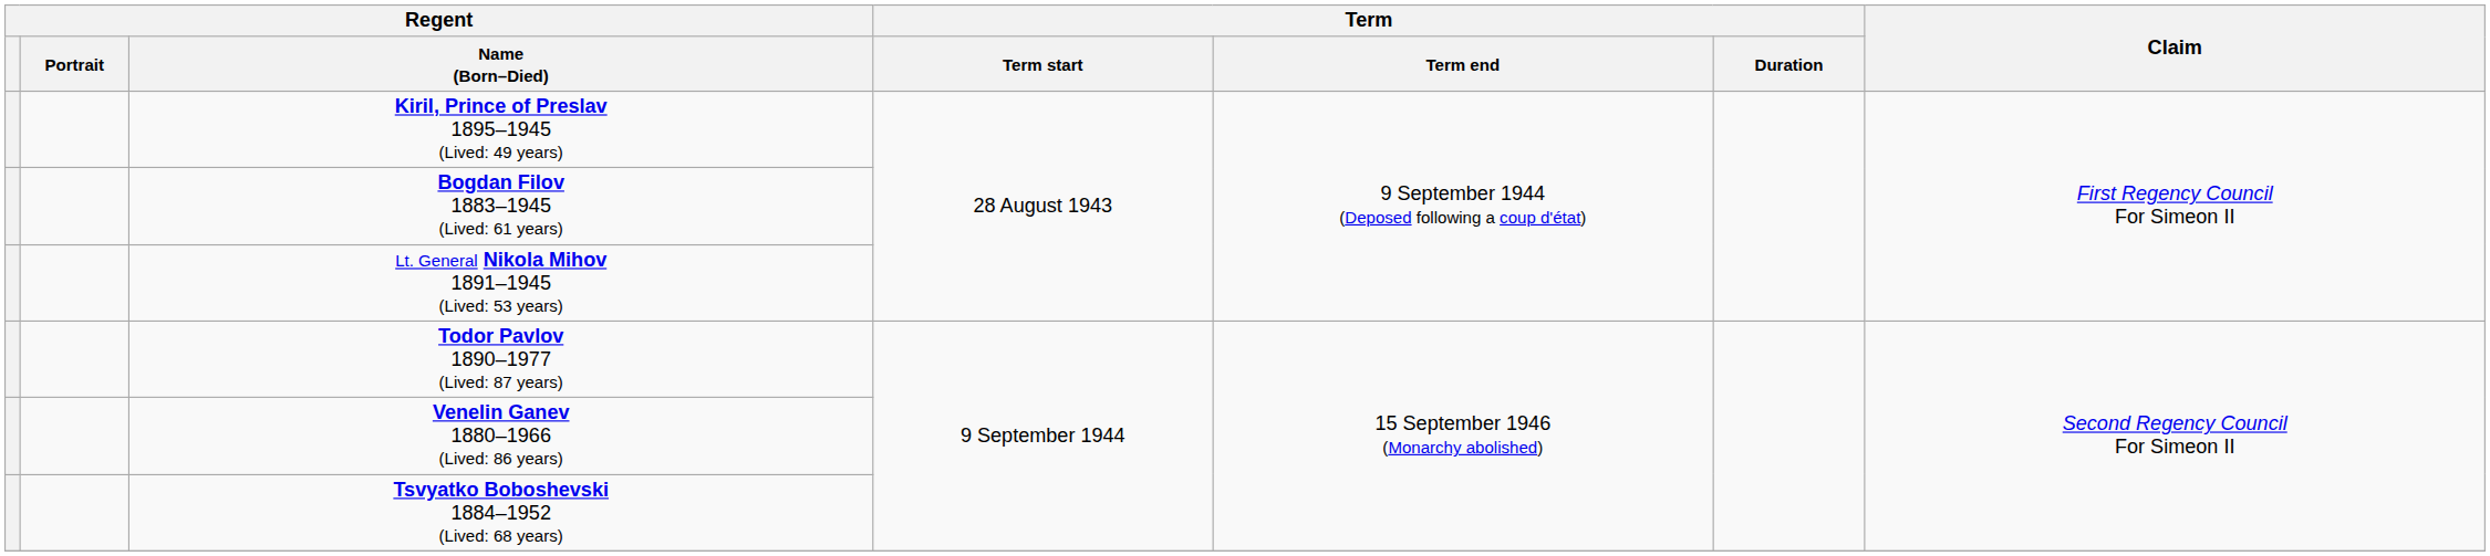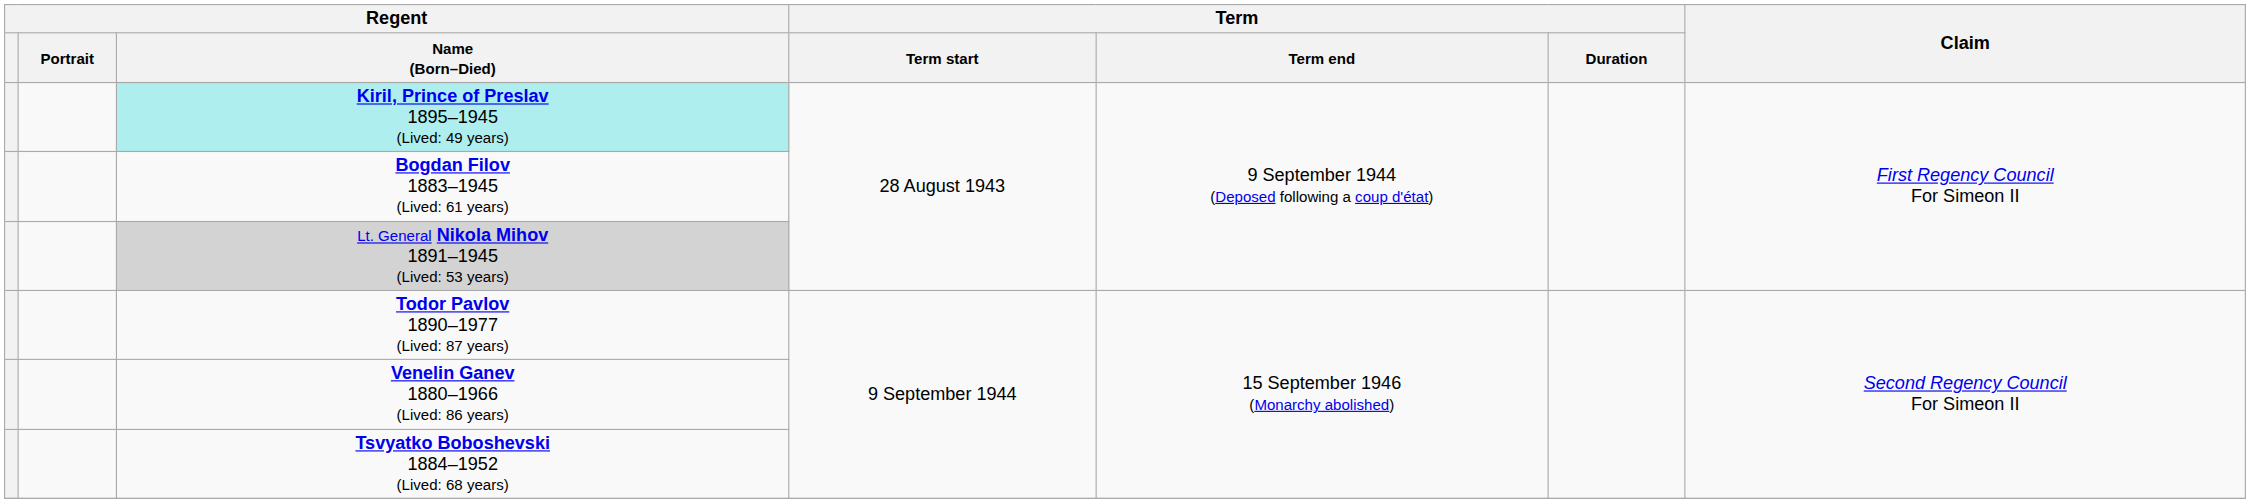 <table class="wikitable" style="text-align:center; width:100%">
 <tr>
 <th width=35% colspan=3>Regent</th>
 <th width=40% colspan=3>Term</th>
 <th width=25% rowspan=2>Claim</th>
 </tr>
 <tr>
 <th></th>
 <th><small>Portrait</small></th>
 <th width=30%><small>Name<br>(Born–Died)</small></th>
 <th><small>Term start</small></th>
 <th><small>Term end</small></th>
 <th><small>Duration</small></th>
 </tr>
 <tr>
 <th></th>
 <td></td>
-<td><strong><a href='#'>Kiril, Prince of Preslav</a></strong><br>1895–1945<br><small>(Lived: 49 years)</small><br></td>
+<td style="background: paleturquoise;"><strong><a href='#'>Kiril, Prince of Preslav</a></strong><br>1895–1945<br><small>(Lived: 49 years)</small><br></td>
 <td rowspan=3>28 August 1943</td>
 <td rowspan=3>9 September 1944<br><small>(<a href='#'>Deposed</a> following a <a href='#'>coup d'état</a>)</small></td>
 <td rowspan=3></td>
 <td rowspan=3><em><a href='#'>First Regency Council</a></em><br>For Simeon II</td>
 </tr>
 <tr>
 <th></th>
 <td></td>
 <td><strong><a href='#'>Bogdan Filov</a></strong><br>1883–1945<br><small>(Lived: 61 years)</small><br></td>
 </tr>
 <tr>
 <th></th>
 <td></td>
-<td><small><a href='#'>Lt. General</a></small> <strong><a href='#'>Nikola Mihov</a></strong><br>1891–1945<br><small>(Lived: 53 years)</small><br></td>
+<td style="background: lightgrey;"><small><a href='#'>Lt. General</a></small> <strong><a href='#'>Nikola Mihov</a></strong><br>1891–1945<br><small>(Lived: 53 years)</small><br></td>
 </tr>
 <tr>
 <th></th>
 <td></td>
 <td><strong><a href='#'>Todor Pavlov</a></strong><br>1890–1977<br><small>(Lived: 87 years)</small><br></td>
 <td rowspan=3>9 September 1944</td>
 <td rowspan=3>15 September 1946<br><small>(<a href='#'>Monarchy abolished</a>)</small></td>
 <td rowspan=3></td>
 <td rowspan=3><em><a href='#'>Second Regency Council</a></em><br>For Simeon II</td>
 </tr>
 <tr>
 <th></th>
 <td></td>
 <td><strong><a href='#'>Venelin Ganev</a></strong><br>1880–1966<br><small>(Lived: 86 years)</small><br></td>
 </tr>
 <tr>
 <th></th>
 <td></td>
 <td><strong><a href='#'>Tsvyatko Boboshevski</a></strong><br>1884–1952<br><small>(Lived: 68 years)</small><br></td>
 </tr>
 <tr>
 </tr>
 </table>
